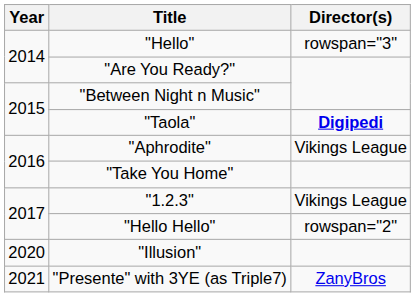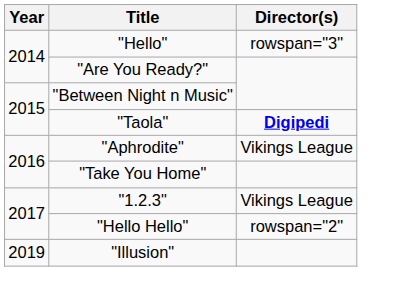 <table class="wikitable" style="text-align:center;">
 <tr>
 <th>Year</th>
 <th>Title</th>
 <th>Director(s)</th>
 </tr>
 <tr>
 <td rowspan="2">2014</td>
 <td>"Hello"</td>
 <td>rowspan="3" </td>
 </tr>
 <tr>
 <td>"Are You Ready?"</td>
 </tr>
 <tr>
 <td rowspan="2">2015</td>
 <td>"Between Night n Music"</td>
 </tr>
 <tr>
 <td>"Taola"</td>
 <td><strong><a href='#'>Digipedi</a></strong></td>
 </tr>
 <tr>
 <td rowspan="2">2016</td>
 <td>"Aphrodite"</td>
 <td>Vikings League</td>
 </tr>
 <tr>
 <td>"Take You Home"</td>
 <td></td>
 </tr>
 <tr>
 <td rowspan="2">2017</td>
 <td>"1.2.3"</td>
 <td>Vikings League</td>
 </tr>
 <tr>
 <td>"Hello Hello"</td>
 <td>rowspan="2" </td>
 </tr>
 <tr>
-<td>2020</td>
+<td>2019</td>
 <td>"Illusion"</td>
 </tr>
-<tr>
-<td>2021</td>
-<td>"Presente" with 3YE (as Triple7)</td>
-<td><a href='#'>ZanyBros</a></td>
-</tr>
 </table>
